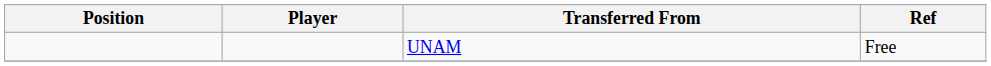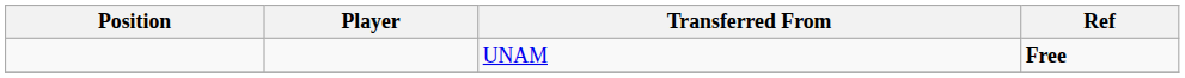 <table class="wikitable sortable" style="width:70%; font-size:100%; text-align:left;">
 <tr>
 <th>Position</th>
 <th>Player</th>
 <th>Transferred From</th>
 <th>Ref</th>
 </tr>
 <tr>
 <td></td>
 <td></td>
 <td> <a href='#'>UNAM</a></td>
-<td>Free</td>
+<td><strong>Free</strong></td>
 </tr>
 <tr>
 </tr>
 </table>
